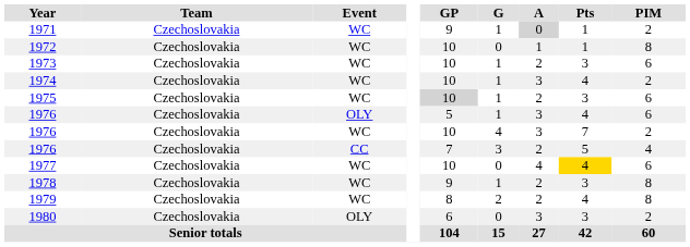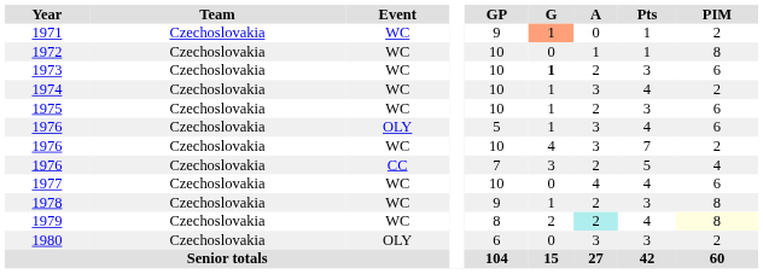 <table border="0" cellpadding="1" cellspacing="0" style="text-align:center; width:50em">
 <tr ALIGN="center" bgcolor="#e0e0e0">
 <th>Year</th>
 <th>Team</th>
 <th>Event</th>
 <th rowspan="99" bgcolor="#ffffff"> </th>
 <th>GP</th>
 <th>G</th>
 <th>A</th>
 <th>Pts</th>
 <th>PIM</th>
 </tr>
 <tr>
 <td><a href='#'>1971</a></td>
 <td><a href='#'>Czechoslovakia</a></td>
 <td><a href='#'>WC</a></td>
 <td>9</td>
-<td>1</td>
-<td style="background: lightgrey;">0</td>
+<td style="background: lightsalmon;">1</td>
+<td>0</td>
 <td>1</td>
 <td>2</td>
 </tr>
 <tr bgcolor="#f0f0f0">
 <td><a href='#'>1972</a></td>
 <td>Czechoslovakia</td>
 <td>WC</td>
 <td>10</td>
 <td>0</td>
 <td>1</td>
 <td>1</td>
 <td>8</td>
 </tr>
 <tr>
 <td><a href='#'>1973</a></td>
 <td>Czechoslovakia</td>
 <td>WC</td>
 <td>10</td>
-<td>1</td>
+<td><strong>1</strong></td>
 <td>2</td>
 <td>3</td>
 <td>6</td>
 </tr>
 <tr bgcolor="#f0f0f0">
 <td><a href='#'>1974</a></td>
 <td>Czechoslovakia</td>
 <td>WC</td>
 <td>10</td>
 <td>1</td>
 <td>3</td>
 <td>4</td>
 <td>2</td>
 </tr>
 <tr>
 <td><a href='#'>1975</a></td>
 <td>Czechoslovakia</td>
 <td>WC</td>
-<td style="background: lightgrey;">10</td>
+<td>10</td>
 <td>1</td>
 <td>2</td>
 <td>3</td>
 <td>6</td>
 </tr>
 <tr bgcolor="#f0f0f0">
 <td><a href='#'>1976</a></td>
 <td>Czechoslovakia</td>
 <td><a href='#'>OLY</a></td>
 <td>5</td>
 <td>1</td>
 <td>3</td>
 <td>4</td>
 <td>6</td>
 </tr>
 <tr>
 <td><a href='#'>1976</a></td>
 <td>Czechoslovakia</td>
 <td>WC</td>
 <td>10</td>
 <td>4</td>
 <td>3</td>
 <td>7</td>
 <td>2</td>
 </tr>
 <tr bgcolor="#f0f0f0">
 <td><a href='#'>1976</a></td>
 <td>Czechoslovakia</td>
 <td><a href='#'>CC</a></td>
 <td>7</td>
 <td>3</td>
 <td>2</td>
 <td>5</td>
 <td>4</td>
 </tr>
 <tr>
 <td><a href='#'>1977</a></td>
 <td>Czechoslovakia</td>
 <td>WC</td>
 <td>10</td>
 <td>0</td>
 <td>4</td>
-<td style="background: gold;">4</td>
+<td>4</td>
 <td>6</td>
 </tr>
 <tr bgcolor="#f0f0f0">
 <td><a href='#'>1978</a></td>
 <td>Czechoslovakia</td>
 <td>WC</td>
 <td>9</td>
 <td>1</td>
 <td>2</td>
 <td>3</td>
 <td>8</td>
 </tr>
 <tr>
 <td><a href='#'>1979</a></td>
 <td>Czechoslovakia</td>
 <td>WC</td>
 <td>8</td>
 <td>2</td>
-<td>2</td>
+<td style="background: paleturquoise;">2</td>
 <td>4</td>
-<td>8</td>
+<td style="background: lightyellow;">8</td>
 </tr>
 <tr bgcolor="#f0f0f0">
 <td><a href='#'>1980</a></td>
 <td>Czechoslovakia</td>
 <td>OLY</td>
 <td>6</td>
 <td>0</td>
 <td>3</td>
 <td>3</td>
 <td>2</td>
 </tr>
 <tr bgcolor="#e0e0e0">
 <th colspan=3>Senior totals</th>
 <th>104</th>
 <th>15</th>
 <th>27</th>
 <th>42</th>
 <th>60</th>
 </tr>
 </table>
